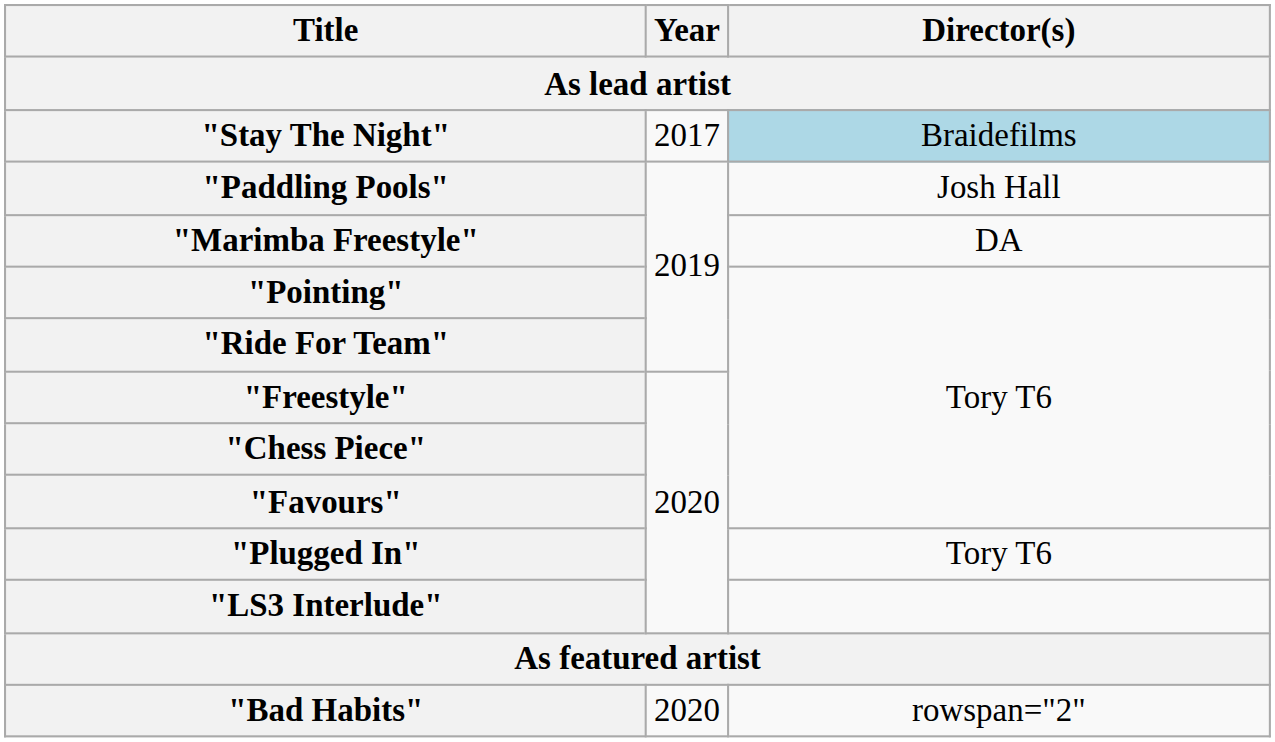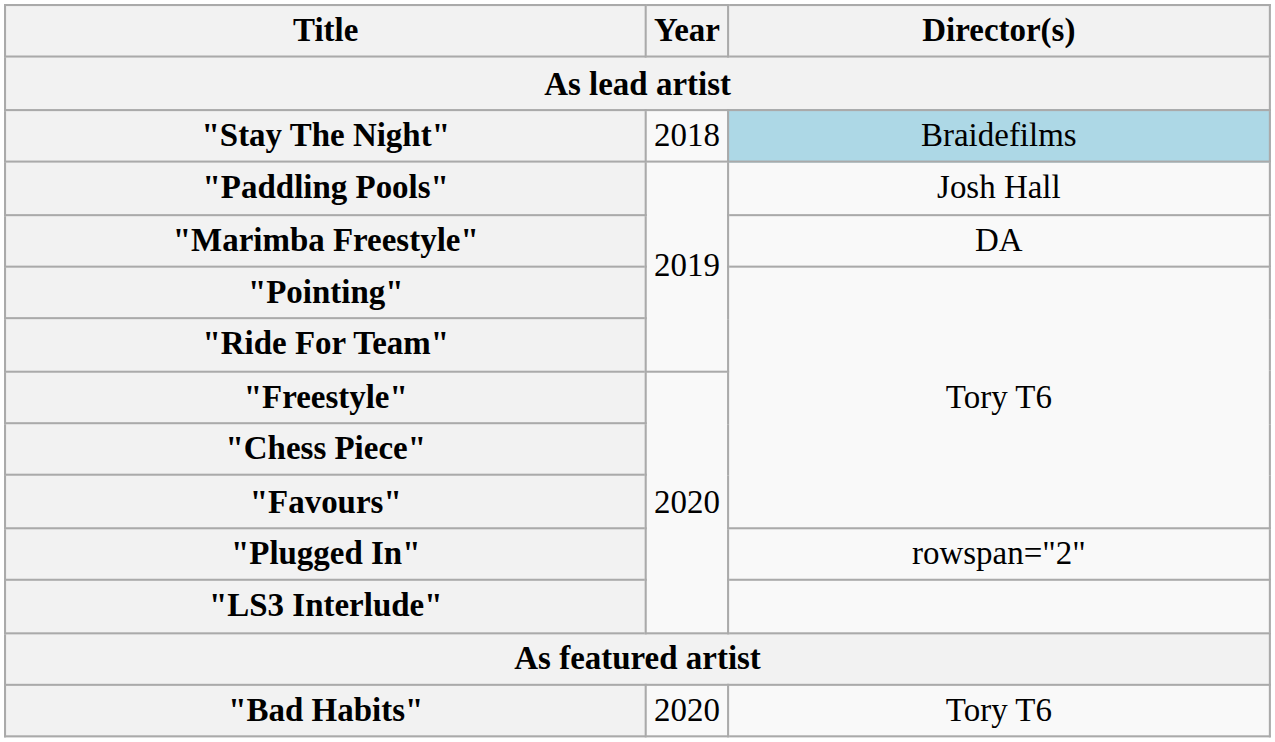 <table class="wikitable plainrowheaders" style="text-align:center;">
 <tr>
 <th scope="col" style="width:19em;">Title</th>
 <th scope="col" style="width:1em;">Year</th>
 <th scope="col" style="width:16em;">Director(s)</th>
 </tr>
 <tr>
 <th scope="col" colspan="4">As lead artist</th>
 </tr>
 <tr>
 <th scope="row">"Stay The Night"<br></th>
-<td rowspan="1">2017</td>
+<td rowspan="1">2018</td>
 <td style="background: lightblue;">Braidefilms</td>
 </tr>
 <tr>
 <th scope="row">"Paddling Pools"</th>
 <td rowspan="4">2019</td>
 <td>Josh Hall</td>
 </tr>
 <tr>
 <th scope="row">"Marimba Freestyle"<br></th>
 <td>DA</td>
 </tr>
 <tr>
 <th scope="row">"Pointing"</th>
 <td rowspan="5">Tory T6</td>
 </tr>
 <tr>
 <th scope="row">"Ride For Team"<br></th>
 </tr>
 <tr>
 <th scope="row">"Freestyle"</th>
 <td rowspan="5">2020</td>
 </tr>
 <tr>
 <th scope="row">"Chess Piece"<br></th>
 </tr>
 <tr>
 <th scope="row">"Favours"<br></th>
 </tr>
 <tr>
 <th scope="row">"Plugged In"<br></th>
-<td>Tory T6</td>
+<td>rowspan="2" </td>
 </tr>
 <tr>
 <th scope="row">"LS3 Interlude"</th>
 </tr>
 <tr>
 <th scope="col" colspan="4">As featured artist</th>
 </tr>
 <tr>
 <th scope="row">"Bad Habits"<br></th>
 <td rowspan="1">2020</td>
-<td>rowspan="2" </td>
+<td>Tory T6</td>
 </tr>
 </table>
